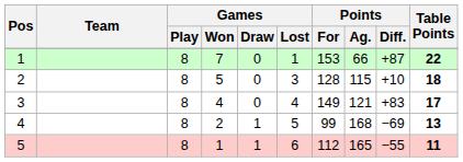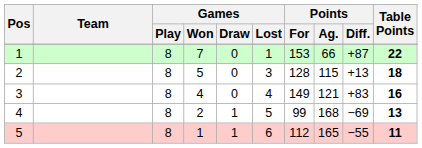 <table class="wikitable">
 <tr>
 <th rowspan=2 width=30>Pos</th>
 <th rowspan=2 width=145>Team</th>
 <th colspan=4 width=120>Games</th>
 <th colspan=3 width=90>Points</th>
 <th rowspan=2 width=30>Table <br>Points</th>
 </tr>
 <tr>
 <th width=30>Play</th>
 <th width=30>Won</th>
 <th width=30>Draw</th>
 <th width=30>Lost</th>
 <th width=30>For</th>
 <th width=30>Ag.</th>
 <th width=30>Diff.</th>
 </tr>
 <tr>
 </tr>
 <tr bgcolor=#ccffcc align=center>
 <td>1</td>
 <td align=left></td>
 <td>8</td>
 <td>7</td>
 <td>0</td>
 <td>1</td>
 <td>153</td>
 <td>66</td>
 <td>+87</td>
 <td><strong>22</strong></td>
 </tr>
 <tr bgcolor=#ffffff align=center>
 <td>2</td>
 <td align=left></td>
 <td>8</td>
 <td>5</td>
 <td>0</td>
 <td>3</td>
 <td>128</td>
 <td>115</td>
-<td>+10</td>
+<td>+13</td>
 <td><strong>18</strong></td>
 </tr>
 <tr bgcolor=#ffffff align=center>
 <td>3</td>
 <td align=left></td>
 <td>8</td>
 <td>4</td>
 <td>0</td>
 <td>4</td>
 <td>149</td>
 <td>121</td>
 <td>+83</td>
-<td><strong>17</strong></td>
+<td><strong>16</strong></td>
 </tr>
 <tr bgcolor=#ffffff align=center>
 <td>4</td>
 <td align=left></td>
 <td>8</td>
 <td>2</td>
 <td>1</td>
 <td>5</td>
 <td>99</td>
 <td>168</td>
 <td>−69</td>
 <td><strong>13</strong></td>
 </tr>
 <tr bgcolor=#ffcccc align=center>
 <td>5</td>
 <td align=left></td>
 <td>8</td>
 <td>1</td>
 <td>1</td>
 <td>6</td>
 <td>112</td>
 <td>165</td>
 <td>−55</td>
 <td><strong>11</strong></td>
 </tr>
 </table>
